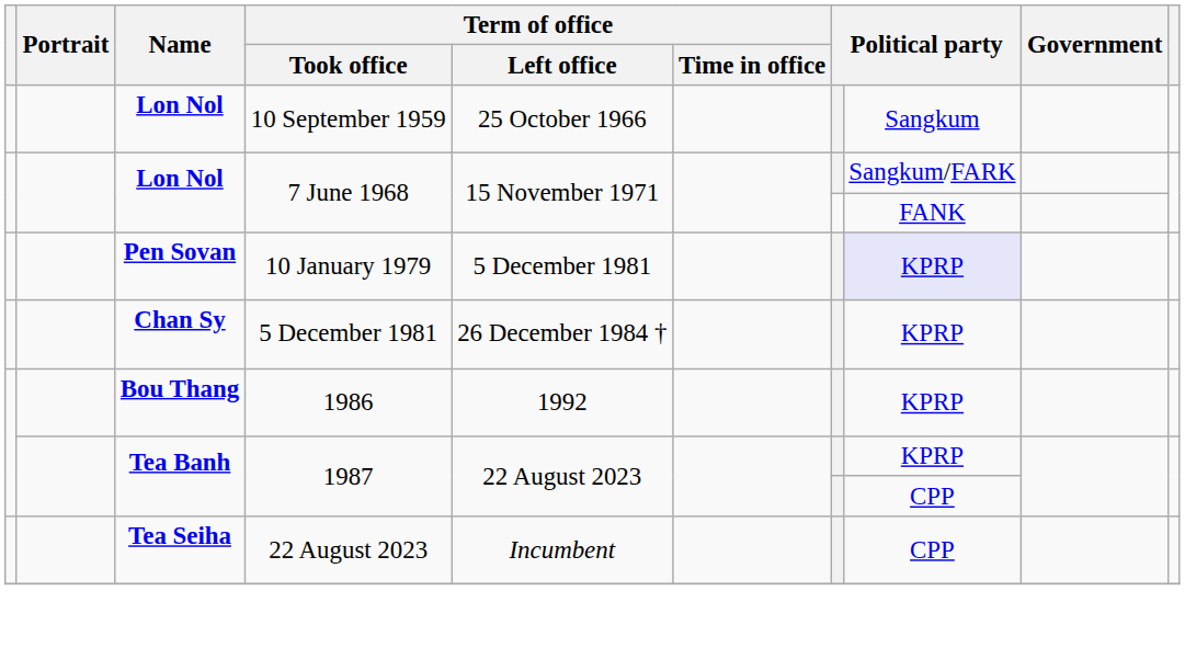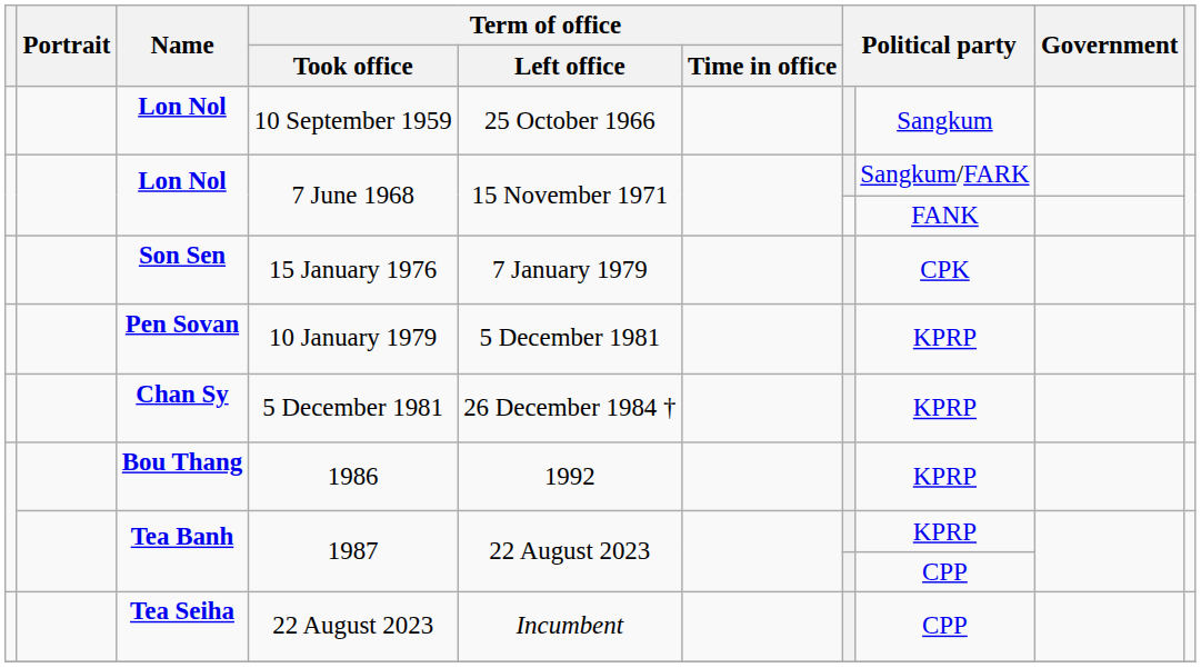 <table class="wikitable" style="text-align:center;">
 <tr>
 <th rowspan=2></th>
 <th rowspan=2>Portrait</th>
 <th rowspan=2>Name<br></th>
 <th colspan=3>Term of office</th>
 <th colspan=2 rowspan=2>Political party</th>
 <th rowspan=2>Government</th>
 <th rowspan=2></th>
 </tr>
 <tr>
 <th>Took office</th>
 <th>Left office</th>
 <th>Time in office</th>
 </tr>
 <tr>
 <td></td>
 <td></td>
 <td><strong><a href='#'>Lon Nol</a></strong><br><br></td>
 <td>10 September 1959</td>
 <td>25 October 1966</td>
 <td></td>
 <th style="background:"></th>
 <td><a href='#'>Sangkum</a></td>
 <td></td>
 <td></td>
 </tr>
 <tr>
 <td rowspan=2></td>
 <td rowspan=2></td>
 <td rowspan=2><strong><a href='#'>Lon Nol</a></strong><br><br></td>
 <td rowspan=2>7 June 1968</td>
 <td rowspan=2>15 November 1971</td>
 <td rowspan=2></td>
 <th style="background:"></th>
 <td><a href='#'>Sangkum</a>/<a href='#'>FARK</a><br></td>
 <td></td>
 <td rowspan=2></td>
 </tr>
 <tr>
 <td style="background-color:"></td>
 <td><a href='#'>FANK</a><br></td>
 <td></td>
 </tr>
 <tr>
 <td></td>
 <td></td>
+<td><strong><a href='#'>Son Sen</a></strong><br><br></td>
+<td>15 January 1976</td>
+<td>7 January 1979</td>
+<td></td>
+<th style="background:"></th>
+<td><a href='#'>CPK</a></td>
+<td></td>
+<td></td>
+</tr>
+<tr>
+<td></td>
+<td></td>
 <td><strong><a href='#'>Pen Sovan</a></strong><br><br></td>
 <td>10 January 1979</td>
 <td>5 December 1981</td>
 <td></td>
 <th style="background-color:"></th>
-<td style="background: lavender;"><a href='#'>KPRP</a></td>
+<td><a href='#'>KPRP</a></td>
 <td></td>
 <td></td>
 </tr>
 <tr>
 <td></td>
 <td></td>
 <td><strong><a href='#'>Chan Sy</a></strong><br><br></td>
 <td>5 December 1981</td>
 <td>26 December 1984 †</td>
 <td></td>
 <th style="background-color:"></th>
 <td><a href='#'>KPRP</a></td>
 <td></td>
 <td></td>
 </tr>
 <tr>
 <td rowspan="3"></td>
 <td></td>
 <td><strong><a href='#'>Bou Thang</a></strong><br><br></td>
 <td>1986</td>
 <td>1992</td>
 <td></td>
 <th style="background-color:"></th>
 <td><a href='#'>KPRP</a></td>
 <td></td>
 <td></td>
 </tr>
 <tr>
 <td rowspan="2"></td>
 <td rowspan="2"><strong><a href='#'>Tea Banh</a></strong><br><br></td>
 <td rowspan="2">1987</td>
 <td rowspan="2">22 August 2023</td>
 <td rowspan="2"></td>
 <th style="background-color:"></th>
 <td><a href='#'>KPRP</a></td>
 <td rowspan="2"></td>
 <td rowspan="2"></td>
 </tr>
 <tr>
 <th style="background-color:"></th>
 <td><a href='#'>CPP</a></td>
 </tr>
 <tr>
 <td></td>
 <td></td>
 <td><strong><a href='#'>Tea Seiha</a></strong><br><br></td>
 <td>22 August 2023</td>
 <td><em>Incumbent</em></td>
 <td></td>
 <th style="background-color:"></th>
 <td><a href='#'>CPP</a></td>
 <td></td>
 <td></td>
 </tr>
 <tr>
 </tr>
 </table>
